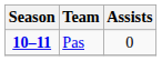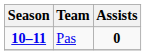 <table class="wikitable" style="text-align: center;">
 <tr>
 <th>Season</th>
 <th>Team</th>
 <th>Assists</th>
 </tr>
 <tr>
 <td><strong><a href='#'>10–11</a></strong></td>
 <td align="left"><a href='#'>Pas</a></td>
-<td>0</td>
+<td><strong>0</strong></td>
 </tr>
 <tr>
 </tr>
 </table>
